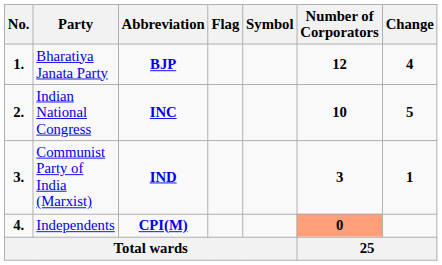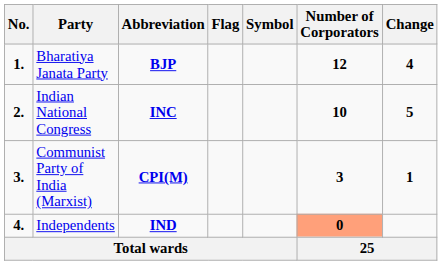 <table class="wikitable" width="50%">
 <tr>
 <th>No.</th>
 <th>Party</th>
 <th>Abbreviation</th>
 <th>Flag</th>
 <th>Symbol</th>
 <th>Number of Corporators</th>
 <th>Change</th>
 </tr>
 <tr>
 <td style="text-align:center; background:"><strong>1.</strong></td>
 <td><a href='#'>Bharatiya Janata Party</a></td>
 <td align="center"><a href='#'><strong>BJP</strong></a></td>
 <td></td>
 <td></td>
 <td align="center"><strong>12</strong></td>
 <td align="center"> <strong>4</strong></td>
 </tr>
 <tr>
 <td style="text-align:center; background:"><strong>2.</strong></td>
 <td><a href='#'>Indian National Congress</a></td>
 <td align="center"><a href='#'><strong>INC</strong></a></td>
 <td></td>
 <td></td>
 <td align="center"><strong>10</strong></td>
 <td align="center"> <strong>5</strong></td>
 </tr>
 <tr>
 <td style="text-align:center; background:"><strong>3.</strong></td>
 <td><a href='#'>Communist Party of India (Marxist)</a></td>
-<td align="center"><a href='#'><strong>IND</strong></a></td>
+<td align="center"><a href='#'><strong>CPI(M)</strong></a></td>
 <td></td>
 <td></td>
 <td align="center"><strong>3</strong></td>
 <td align="center"> <strong>1</strong></td>
 </tr>
 <tr>
 <td style="text-align:center; background:"><strong>4.</strong></td>
 <td><a href='#'>Independents</a></td>
-<td align="center"><a href='#'><strong>CPI(M)</strong></a></td>
+<td align="center"><a href='#'><strong>IND</strong></a></td>
 <td></td>
 <td></td>
 <td align="center" style="background: lightsalmon;"><strong>0</strong></td>
 <td align="center"></td>
 </tr>
 <tr>
 <th colspan="5">Total wards</th>
 <th colspan="2">25</th>
 </tr>
 </table>
